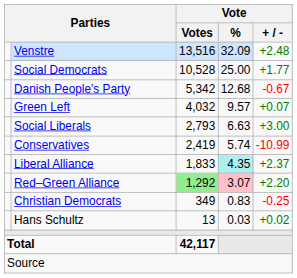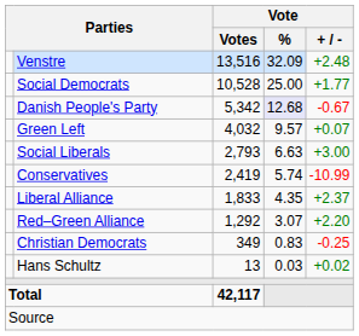 <table class="wikitable" style="text-align:right;">
 <tr>
 <th style="text-align:centre;" rowspan="2" colspan="2" width="225">Parties</th>
 <th colspan="3">Vote</th>
 </tr>
 <tr>
 <th width="15">Votes</th>
 <th width="15">%</th>
 <th width="15">+ / -</th>
 </tr>
 <tr>
 <td width="2" style="color:inherit;background:"></td>
 <td bgcolor=#cfe5fe  align="left"><a href='#'>Venstre</a></td>
 <td bgcolor=#cfe5fe>13,516</td>
 <td bgcolor=#cfe5fe>32.09</td>
 <td style=color:green;>+2.48</td>
 </tr>
 <tr>
 <td width="2" style="color:inherit;background:"></td>
 <td align="left"><a href='#'>Social Democrats</a></td>
 <td>10,528</td>
 <td>25.00</td>
 <td style=color:green;>+1.77</td>
 </tr>
 <tr>
 <td width="2" style="color:inherit;background:"></td>
 <td align="left"><a href='#'>Danish People's Party</a></td>
 <td>5,342</td>
-<td>12.68</td>
+<td style="background: lavender;">12.68</td>
 <td style=color:red;>-0.67</td>
 </tr>
 <tr>
 <td width="2" style="color:inherit;background:"></td>
 <td align="left"><a href='#'>Green Left</a></td>
 <td>4,032</td>
 <td>9.57</td>
 <td style=color:green;>+0.07</td>
 </tr>
 <tr>
 <td width="2" style="color:inherit;background:"></td>
 <td align="left"><a href='#'>Social Liberals</a></td>
 <td>2,793</td>
 <td>6.63</td>
 <td style=color:green;>+3.00</td>
 </tr>
 <tr>
 <td width="2" style="color:inherit;background:"></td>
 <td align="left"><a href='#'>Conservatives</a></td>
 <td>2,419</td>
 <td>5.74</td>
 <td style=color:red;>-10.99</td>
 </tr>
 <tr>
 <td width="2" style="color:inherit;background:"></td>
 <td align="left"><a href='#'>Liberal Alliance</a></td>
 <td>1,833</td>
-<td style="background: paleturquoise;">4.35</td>
+<td>4.35</td>
 <td style=color:green;>+2.37</td>
 </tr>
 <tr>
 <td width="2" style="color:inherit;background:"></td>
 <td align="left"><a href='#'>Red–Green Alliance</a></td>
-<td style="background: lightgreen;">1,292</td>
-<td style="background: pink;">3.07</td>
+<td>1,292</td>
+<td>3.07</td>
 <td style=color:green;>+2.20</td>
 </tr>
 <tr>
 <td width="2" style="color:inherit;background:"></td>
 <td align="left"><a href='#'>Christian Democrats</a></td>
 <td>349</td>
 <td>0.83</td>
 <td style=color:red;>-0.25</td>
 </tr>
 <tr>
 <td width="2" style="color:inherit;background:"></td>
 <td align="left">Hans Schultz</td>
 <td>13</td>
 <td>0.03</td>
 <td style=color:green;>+0.02</td>
 </tr>
 <tr>
 <td colspan="7" bgcolor="#E9E9E9"></td>
 </tr>
 <tr>
 <td align="left" colspan="2"><strong>Total</strong></td>
 <td><strong>42,117</strong></td>
 <td bgcolor="#E9E9E9" colspan="2"></td>
 </tr>
 <tr>
 <td align="left" colspan="6">Source</td>
 </tr>
 </table>
